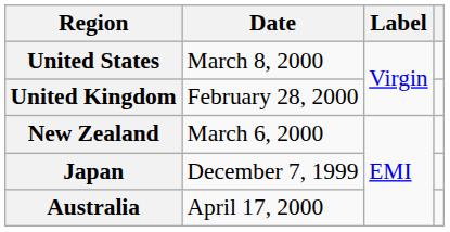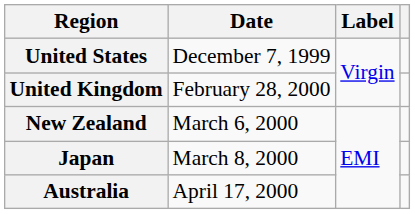 <table class="wikitable plainrowheaders">
 <tr>
 <th scope="col">Region</th>
 <th scope="col">Date</th>
 <th scope="col">Label</th>
 <th scope="col"></th>
 </tr>
 <tr>
 <th scope="row">United States</th>
-<td>March 8, 2000</td>
+<td>December 7, 1999</td>
 <td rowspan="2"><a href='#'>Virgin</a></td>
 <td align="center"></td>
 </tr>
 <tr>
 <th scope="row">United Kingdom</th>
 <td>February 28, 2000</td>
 <td align="center"></td>
 </tr>
 <tr>
 <th scope="row">New Zealand</th>
 <td>March 6, 2000</td>
 <td rowspan="3"><a href='#'>EMI</a></td>
 <td align="center"></td>
 </tr>
 <tr>
 <th scope="row">Japan</th>
-<td>December 7, 1999</td>
+<td>March 8, 2000</td>
 <td align="center"></td>
 </tr>
 <tr>
 <th scope="row">Australia</th>
 <td>April 17, 2000</td>
 <td align="center"></td>
 </tr>
 </table>
